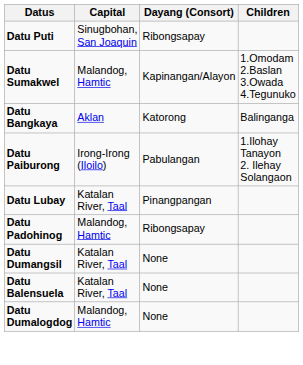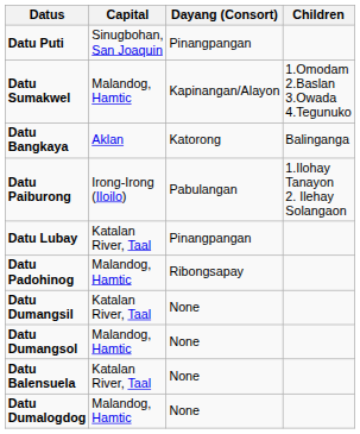 <table width=50% class="wikitable">
 <tr>
 <th width=5%,>Datus</th>
 <th width=10%>Capital</th>
 <th width=7%>Dayang (Consort)</th>
 <th width=7%>Children</th>
 </tr>
 <tr>
 <td><strong>Datu Puti</strong></td>
 <td>Sinugbohan, <a href='#'>San Joaquin</a></td>
-<td>Ribongsapay</td>
+<td>Pinangpangan</td>
 <td></td>
 </tr>
 <tr>
 <td><strong>Datu Sumakwel</strong></td>
 <td>Malandog, <a href='#'>Hamtic</a></td>
 <td>Kapinangan/Alayon</td>
 <td>1.Omodam<br>2.Baslan<br>3.Owada<br>4.Tegunuko</td>
 </tr>
 <tr>
 <td><strong>Datu Bangkaya</strong></td>
 <td><a href='#'>Aklan</a></td>
 <td>Katorong</td>
 <td>Balinganga</td>
 </tr>
 <tr>
 <td><strong>Datu Paiburong</strong></td>
 <td>Irong-Irong (<a href='#'>Iloilo</a>)</td>
 <td>Pabulangan</td>
 <td>1.Ilohay Tanayon<br>2. Ilehay Solangaon <br></td>
 </tr>
 <tr>
 <td><strong>Datu Lubay</strong></td>
 <td>Katalan River, <a href='#'>Taal</a> <br></td>
 <td>Pinangpangan</td>
 <td></td>
 </tr>
 <tr>
 <td><strong>Datu Padohinog</strong></td>
 <td>Malandog, <a href='#'>Hamtic</a></td>
 <td>Ribongsapay</td>
 <td></td>
 </tr>
 <tr>
 <td><strong>Datu Dumangsil</strong></td>
 <td>Katalan River, <a href='#'>Taal</a> <br></td>
 <td>None</td>
 <td></td>
 </tr>
 <tr>
+<td><strong>Datu Dumangsol</strong></td>
+<td>Malandog, <a href='#'>Hamtic</a></td>
+<td>None</td>
+<td></td>
+</tr>
+<tr>
 <td><strong>Datu Balensuela</strong></td>
 <td>Katalan River, <a href='#'>Taal</a></td>
 <td>None</td>
 <td></td>
 </tr>
 <tr>
 <td><strong>Datu Dumalogdog</strong></td>
 <td>Malandog, <a href='#'>Hamtic</a></td>
 <td>None</td>
 <td></td>
 </tr>
 </table>
